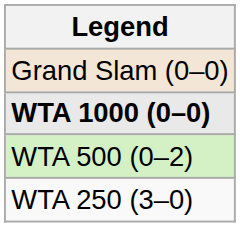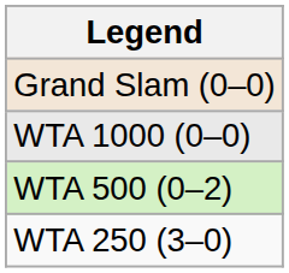 <table class=wikitable style=font-size:90%>
 <tr>
 <th>Legend</th>
 </tr>
 <tr>
 <td bgcolor=#f3e6d7>Grand Slam (0–0)</td>
 </tr>
 <tr>
-<td bgcolor="#e9e9e9"><strong>WTA 1000 (0–0)</strong></td>
+<td bgcolor="#e9e9e9">WTA 1000 (0–0)</td>
 </tr>
 <tr>
 <td bgcolor="#d4f1c5">WTA 500 (0–2)</td>
 </tr>
 <tr>
 <td>WTA 250 (3–0)</td>
 </tr>
 </table>
